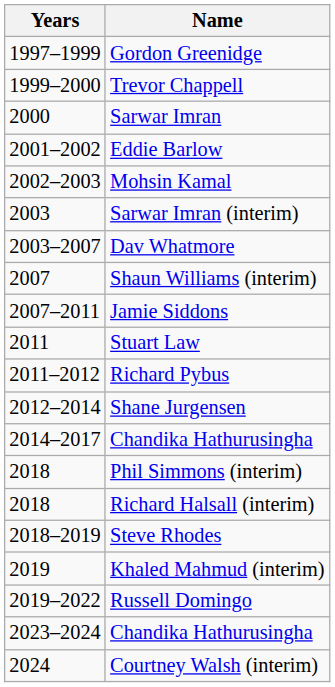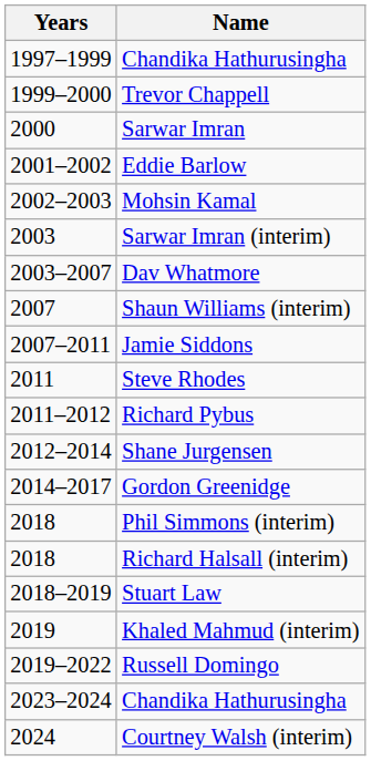 <table class="wikitable">
 <tr>
 <th>Years</th>
 <th>Name</th>
 </tr>
 <tr>
 <td>1997–1999</td>
-<td><a href='#'>Gordon Greenidge</a></td>
+<td><a href='#'>Chandika Hathurusingha</a></td>
 </tr>
 <tr>
 <td>1999–2000</td>
 <td><a href='#'>Trevor Chappell</a></td>
 </tr>
 <tr>
 <td>2000</td>
 <td><a href='#'>Sarwar Imran</a></td>
 </tr>
 <tr>
 <td>2001–2002</td>
 <td><a href='#'>Eddie Barlow</a></td>
 </tr>
 <tr>
 <td>2002–2003</td>
 <td><a href='#'>Mohsin Kamal</a></td>
 </tr>
 <tr>
 <td>2003</td>
 <td><a href='#'>Sarwar Imran</a> (interim)</td>
 </tr>
 <tr>
 <td>2003–2007</td>
 <td><a href='#'>Dav Whatmore</a></td>
 </tr>
 <tr>
 <td>2007</td>
 <td><a href='#'>Shaun Williams</a> (interim)</td>
 </tr>
 <tr>
 <td>2007–2011</td>
 <td><a href='#'>Jamie Siddons</a></td>
 </tr>
 <tr>
 <td>2011</td>
-<td><a href='#'>Stuart Law</a></td>
+<td><a href='#'>Steve Rhodes</a></td>
 </tr>
 <tr>
 <td>2011–2012</td>
 <td><a href='#'>Richard Pybus</a></td>
 </tr>
 <tr>
 <td>2012–2014</td>
 <td><a href='#'>Shane Jurgensen</a></td>
 </tr>
 <tr>
 <td>2014–2017</td>
-<td><a href='#'>Chandika Hathurusingha</a></td>
+<td><a href='#'>Gordon Greenidge</a></td>
 </tr>
 <tr>
 <td>2018</td>
 <td><a href='#'>Phil Simmons</a> (interim)</td>
 </tr>
 <tr>
 <td>2018</td>
 <td><a href='#'>Richard Halsall</a> (interim)</td>
 </tr>
 <tr>
 <td>2018–2019</td>
-<td><a href='#'>Steve Rhodes</a></td>
+<td><a href='#'>Stuart Law</a></td>
 </tr>
 <tr>
 <td>2019</td>
 <td><a href='#'>Khaled Mahmud</a> (interim)</td>
 </tr>
 <tr>
 <td>2019–2022</td>
 <td><a href='#'>Russell Domingo</a></td>
 </tr>
 <tr>
 <td>2023–2024</td>
 <td><a href='#'>Chandika Hathurusingha</a></td>
 </tr>
 <tr>
 <td>2024</td>
 <td><a href='#'>Courtney Walsh</a> (interim)</td>
 </tr>
 </table>
